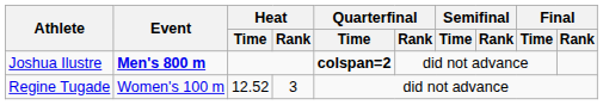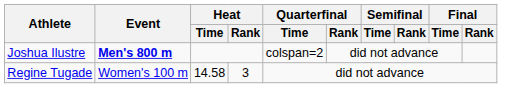 <table class=wikitable style="font-size:90%">
 <tr>
 <th rowspan="2">Athlete</th>
 <th rowspan="2">Event</th>
 <th colspan="2">Heat</th>
 <th colspan="2">Quarterfinal</th>
 <th colspan="2">Semifinal</th>
 <th colspan="2">Final</th>
 </tr>
 <tr style="font-size:95%">
 <th>Time</th>
 <th>Rank</th>
 <th>Time</th>
 <th>Rank</th>
 <th>Time</th>
 <th>Rank</th>
 <th>Time</th>
 <th>Rank</th>
 </tr>
 <tr align=center>
 <td align=left><a href='#'>Joshua Ilustre</a></td>
 <td align=left><strong><a href='#'>Men's 800 m</a></strong></td>
 <td colspan=2></td>
-<td><strong>colspan=2 </strong></td>
+<td>colspan=2 </td>
 <td colspan=4>did not advance</td>
 </tr>
 <tr align=center>
 <td align=left><a href='#'>Regine Tugade</a></td>
 <td align=left><a href='#'>Women's 100 m</a></td>
-<td>12.52</td>
+<td>14.58</td>
 <td>3</td>
 <td colspan=6>did not advance</td>
 </tr>
 </table>
